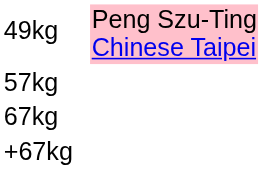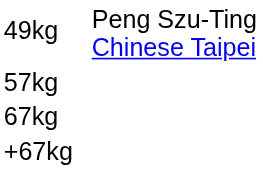 <table>
 <tr>
 <td rowspan=2>49kg</td>
 <td rowspan=2></td>
 <td rowspan=2></td>
 <td></td>
 </tr>
 <tr>
-<td style="background: pink;">Peng Szu-Ting<br> <a href='#'>Chinese Taipei</a></td>
+<td>Peng Szu-Ting<br> <a href='#'>Chinese Taipei</a></td>
 </tr>
 <tr>
 <td rowspan=2>57kg</td>
 <td rowspan=2></td>
 <td rowspan=2></td>
 <td></td>
 </tr>
 <tr>
 <td></td>
 </tr>
 <tr>
 <td rowspan=2>67kg</td>
 <td rowspan=2></td>
 <td rowspan=2></td>
 <td></td>
 </tr>
 <tr>
 <td></td>
 </tr>
 <tr>
 <td rowspan=2>+67kg</td>
 <td rowspan=2></td>
 <td rowspan=2></td>
 <td></td>
 </tr>
 <tr>
 <td></td>
 </tr>
 </table>
